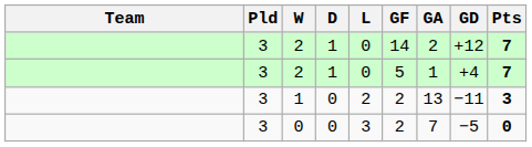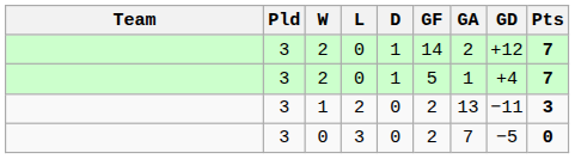 <table class="wikitable" style="text-align:center;">
 <tr>
 <th width=180>Team</th>
 <th width=20>Pld</th>
 <th width=20>W</th>
+<th width=20>L</th>
 <th width=20>D</th>
-<th width=20>L</th>
 <th width=20>GF</th>
 <th width=20>GA</th>
 <th width=20>GD</th>
 <th width=20>Pts</th>
 </tr>
 <tr bgcolor=ccffcc>
 <td align="left"><em></em></td>
 <td>3</td>
 <td>2</td>
+<td>0</td>
 <td>1</td>
-<td>0</td>
 <td>14</td>
 <td>2</td>
 <td>+12</td>
 <td><strong>7</strong></td>
 </tr>
 <tr bgcolor=ccffcc>
 <td align="left"></td>
 <td>3</td>
 <td>2</td>
+<td>0</td>
 <td>1</td>
-<td>0</td>
 <td>5</td>
 <td>1</td>
 <td>+4</td>
 <td><strong>7</strong></td>
 </tr>
 <tr>
 <td align="left"></td>
 <td>3</td>
 <td>1</td>
+<td>2</td>
 <td>0</td>
-<td>2</td>
 <td>2</td>
 <td>13</td>
 <td>−11</td>
 <td><strong>3</strong></td>
 </tr>
 <tr>
 <td align="left"></td>
 <td>3</td>
 <td>0</td>
+<td>3</td>
 <td>0</td>
-<td>3</td>
 <td>2</td>
 <td>7</td>
 <td>−5</td>
 <td><strong>0</strong></td>
 </tr>
 </table>
